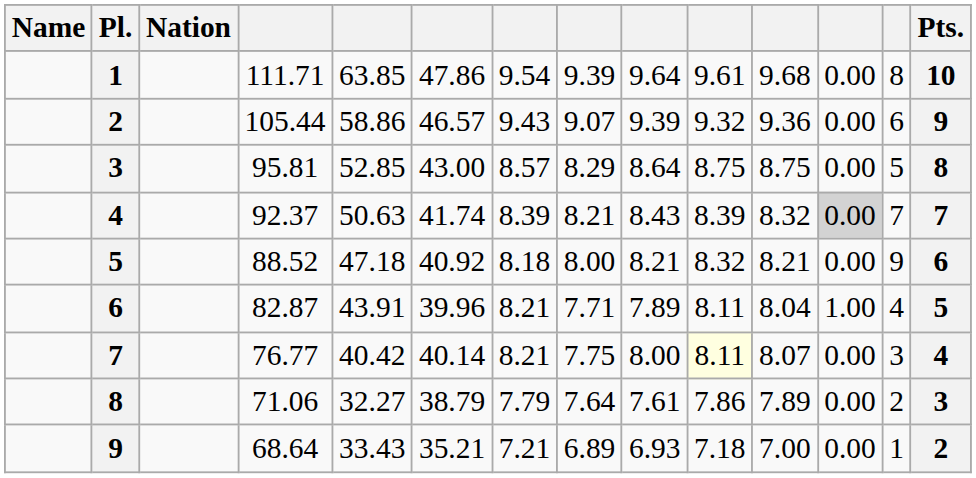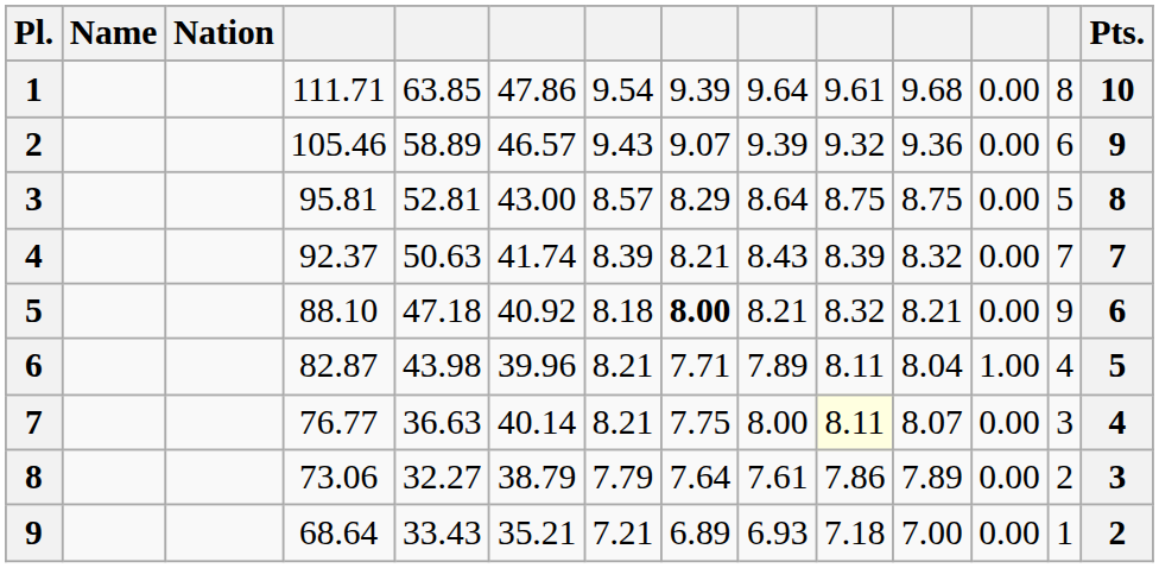 <table class="wikitable sortable" style="text-align:center">
 <tr>
+<th>Pl.</th>
 <th>Name</th>
-<th>Pl.</th>
 <th>Nation</th>
 <th></th>
 <th></th>
 <th></th>
 <th></th>
 <th></th>
 <th></th>
 <th></th>
 <th></th>
 <th></th>
 <th></th>
 <th>Pts.</th>
 </tr>
 <tr>
+<th>1</th>
 <td align="left"></td>
-<th>1</th>
 <td align="left"></td>
 <td>111.71</td>
 <td>63.85</td>
 <td>47.86</td>
 <td>9.54</td>
 <td>9.39</td>
 <td>9.64</td>
 <td>9.61</td>
 <td>9.68</td>
 <td>0.00</td>
 <td>8</td>
 <th>10</th>
 </tr>
 <tr>
-<td align="left"></td>
 <th>2</th>
 <td align="left"></td>
-<td>105.44</td>
-<td>58.86</td>
+<td align="left"></td>
+<td>105.46</td>
+<td>58.89</td>
 <td>46.57</td>
 <td>9.43</td>
 <td>9.07</td>
 <td>9.39</td>
 <td>9.32</td>
 <td>9.36</td>
 <td>0.00</td>
 <td>6</td>
 <th>9</th>
 </tr>
 <tr>
-<td align="left"></td>
 <th>3</th>
 <td align="left"></td>
+<td align="left"></td>
 <td>95.81</td>
-<td>52.85</td>
+<td>52.81</td>
 <td>43.00</td>
 <td>8.57</td>
 <td>8.29</td>
 <td>8.64</td>
 <td>8.75</td>
 <td>8.75</td>
 <td>0.00</td>
 <td>5</td>
 <th>8</th>
 </tr>
 <tr>
+<th>4</th>
 <td align="left"></td>
-<th>4</th>
 <td align="left"></td>
 <td>92.37</td>
 <td>50.63</td>
 <td>41.74</td>
 <td>8.39</td>
 <td>8.21</td>
 <td>8.43</td>
 <td>8.39</td>
 <td>8.32</td>
-<td style="background: lightgrey;">0.00</td>
+<td>0.00</td>
 <td>7</td>
 <th>7</th>
 </tr>
 <tr>
-<td align="left"></td>
 <th>5</th>
 <td align="left"></td>
-<td>88.52</td>
+<td align="left"></td>
+<td>88.10</td>
 <td>47.18</td>
 <td>40.92</td>
 <td>8.18</td>
-<td>8.00</td>
+<td><strong>8.00</strong></td>
 <td>8.21</td>
 <td>8.32</td>
 <td>8.21</td>
 <td>0.00</td>
 <td>9</td>
 <th>6</th>
 </tr>
 <tr>
-<td align="left"></td>
 <th>6</th>
 <td align="left"></td>
+<td align="left"></td>
 <td>82.87</td>
-<td>43.91</td>
+<td>43.98</td>
 <td>39.96</td>
 <td>8.21</td>
 <td>7.71</td>
 <td>7.89</td>
 <td>8.11</td>
 <td>8.04</td>
 <td>1.00</td>
 <td>4</td>
 <th>5</th>
 </tr>
 <tr>
-<td align="left"></td>
 <th>7</th>
 <td align="left"></td>
+<td align="left"></td>
 <td>76.77</td>
-<td>40.42</td>
+<td>36.63</td>
 <td>40.14</td>
 <td>8.21</td>
 <td>7.75</td>
 <td>8.00</td>
 <td style="background: lightyellow;">8.11</td>
 <td>8.07</td>
 <td>0.00</td>
 <td>3</td>
 <th>4</th>
 </tr>
 <tr>
-<td align="left"></td>
 <th>8</th>
 <td align="left"></td>
-<td>71.06</td>
+<td align="left"></td>
+<td>73.06</td>
 <td>32.27</td>
 <td>38.79</td>
 <td>7.79</td>
 <td>7.64</td>
 <td>7.61</td>
 <td>7.86</td>
 <td>7.89</td>
 <td>0.00</td>
 <td>2</td>
 <th>3</th>
 </tr>
 <tr>
+<th>9</th>
 <td align="left"></td>
-<th>9</th>
 <td align="left"></td>
 <td>68.64</td>
 <td>33.43</td>
 <td>35.21</td>
 <td>7.21</td>
 <td>6.89</td>
 <td>6.93</td>
 <td>7.18</td>
 <td>7.00</td>
 <td>0.00</td>
 <td>1</td>
 <th>2</th>
 </tr>
 </table>
